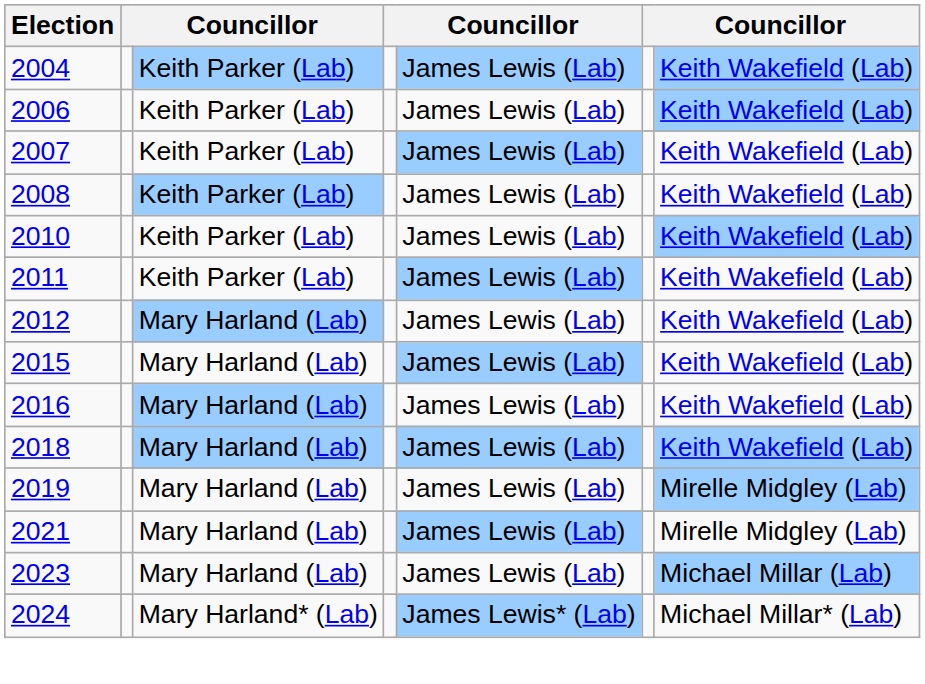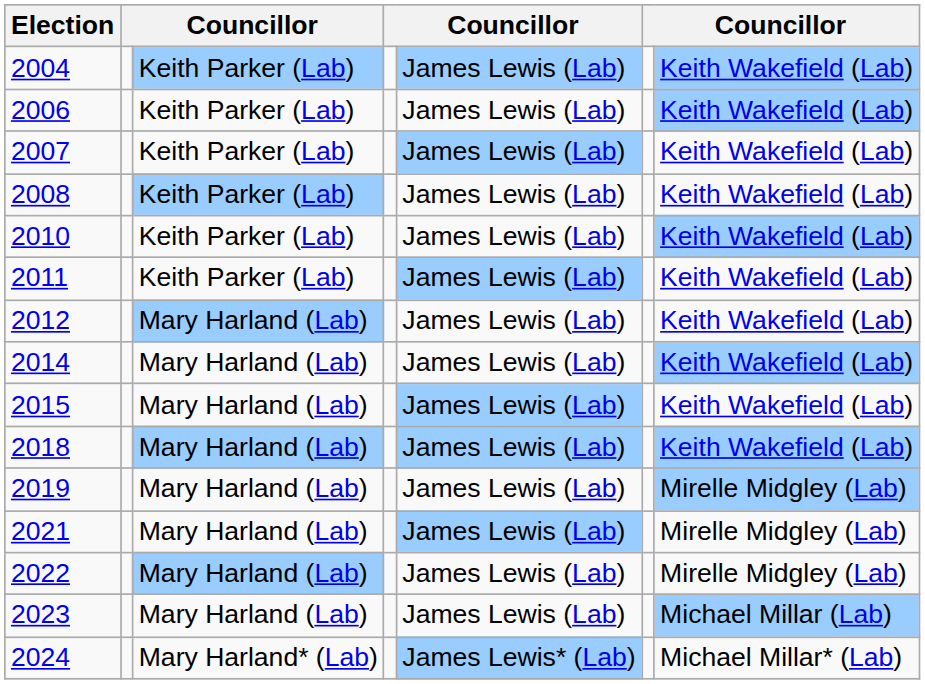 <table class="wikitable">
 <tr>
 <th>Election</th>
 <th colspan="2">Councillor</th>
 <th colspan="2">Councillor</th>
 <th colspan="2">Councillor</th>
 </tr>
 <tr>
 <td><a href='#'>2004</a></td>
 <td style="background-color: "></td>
 <td bgcolor="#99CCFF">Keith Parker (<a href='#'>Lab</a>)</td>
 <td style="background-color: "></td>
 <td bgcolor="#99CCFF">James Lewis (<a href='#'>Lab</a>)</td>
 <td style="background-color: "></td>
 <td bgcolor="#99CCFF"><a href='#'>Keith Wakefield</a> (<a href='#'>Lab</a>)</td>
 </tr>
 <tr>
 <td><a href='#'>2006</a></td>
 <td style="background-color: "></td>
 <td>Keith Parker (<a href='#'>Lab</a>)</td>
 <td style="background-color: "></td>
 <td>James Lewis (<a href='#'>Lab</a>)</td>
 <td style="background-color: "></td>
 <td bgcolor="#99CCFF"><a href='#'>Keith Wakefield</a> (<a href='#'>Lab</a>)</td>
 </tr>
 <tr>
 <td><a href='#'>2007</a></td>
 <td style="background-color: "></td>
 <td>Keith Parker (<a href='#'>Lab</a>)</td>
 <td style="background-color: "></td>
 <td bgcolor="#99CCFF">James Lewis (<a href='#'>Lab</a>)</td>
 <td style="background-color: "></td>
 <td><a href='#'>Keith Wakefield</a> (<a href='#'>Lab</a>)</td>
 </tr>
 <tr>
 <td><a href='#'>2008</a></td>
 <td style="background-color: "></td>
 <td bgcolor="#99CCFF">Keith Parker (<a href='#'>Lab</a>)</td>
 <td style="background-color: "></td>
 <td>James Lewis (<a href='#'>Lab</a>)</td>
 <td style="background-color: "></td>
 <td><a href='#'>Keith Wakefield</a> (<a href='#'>Lab</a>)</td>
 </tr>
 <tr>
 <td><a href='#'>2010</a></td>
 <td style="background-color: "></td>
 <td>Keith Parker (<a href='#'>Lab</a>)</td>
 <td style="background-color: "></td>
 <td>James Lewis (<a href='#'>Lab</a>)</td>
 <td style="background-color: "></td>
 <td bgcolor="#99CCFF"><a href='#'>Keith Wakefield</a> (<a href='#'>Lab</a>)</td>
 </tr>
 <tr>
 <td><a href='#'>2011</a></td>
 <td style="background-color: "></td>
 <td>Keith Parker (<a href='#'>Lab</a>)</td>
 <td style="background-color: "></td>
 <td bgcolor="#99CCFF">James Lewis (<a href='#'>Lab</a>)</td>
 <td style="background-color: "></td>
 <td><a href='#'>Keith Wakefield</a> (<a href='#'>Lab</a>)</td>
 </tr>
 <tr>
 <td><a href='#'>2012</a></td>
 <td style="background-color: "></td>
 <td bgcolor="#99CCFF">Mary Harland (<a href='#'>Lab</a>)</td>
 <td style="background-color: "></td>
 <td>James Lewis (<a href='#'>Lab</a>)</td>
 <td style="background-color: "></td>
 <td><a href='#'>Keith Wakefield</a> (<a href='#'>Lab</a>)</td>
 </tr>
 <tr>
+<td><a href='#'>2014</a></td>
+<td style="background-color: "></td>
+<td>Mary Harland (<a href='#'>Lab</a>)</td>
+<td style="background-color: "></td>
+<td>James Lewis (<a href='#'>Lab</a>)</td>
+<td style="background-color: "></td>
+<td bgcolor="#99CCFF"><a href='#'>Keith Wakefield</a> (<a href='#'>Lab</a>)</td>
+</tr>
+<tr>
 <td><a href='#'>2015</a></td>
 <td style="background-color: "></td>
 <td>Mary Harland (<a href='#'>Lab</a>)</td>
 <td style="background-color: "></td>
 <td bgcolor="#99CCFF">James Lewis (<a href='#'>Lab</a>)</td>
 <td style="background-color: "></td>
 <td><a href='#'>Keith Wakefield</a> (<a href='#'>Lab</a>)</td>
-</tr>
-<tr>
-<td><a href='#'>2016</a></td>
-<td style="background-color: "></td>
-<td bgcolor="#99CCFF">Mary Harland (<a href='#'>Lab</a>)</td>
-<td style="background-color: "></td>
-<td>James Lewis (<a href='#'>Lab</a>)</td>
-<td style="background-color: "></td>
-<td><a href='#'>Keith Wakefield</a>  (<a href='#'>Lab</a>)</td>
 </tr>
 <tr>
 <td><a href='#'>2018</a></td>
 <td style="background-color: "></td>
 <td bgcolor="#99CCFF">Mary Harland (<a href='#'>Lab</a>)</td>
 <td style="background-color: "></td>
 <td bgcolor="#99CCFF">James Lewis (<a href='#'>Lab</a>)</td>
 <td style="background-color: "></td>
 <td bgcolor="#99CCFF"><a href='#'>Keith Wakefield</a>  (<a href='#'>Lab</a>)</td>
 </tr>
 <tr>
 <td><a href='#'>2019</a></td>
 <td style="background-color: "></td>
 <td>Mary Harland (<a href='#'>Lab</a>)</td>
 <td style="background-color: "></td>
 <td>James Lewis (<a href='#'>Lab</a>)</td>
 <td style="background-color: "></td>
 <td bgcolor="#99CCFF">Mirelle Midgley (<a href='#'>Lab</a>)<br></td>
 </tr>
 <tr>
 <td><a href='#'>2021</a></td>
 <td style="background-color: "></td>
 <td>Mary Harland (<a href='#'>Lab</a>)</td>
 <td style="background-color: "></td>
 <td bgcolor="#99CCFF">James Lewis (<a href='#'>Lab</a>)</td>
 <td style="background-color: "></td>
 <td>Mirelle Midgley (<a href='#'>Lab</a>)</td>
 </tr>
 <tr>
+<td><a href='#'>2022</a></td>
+<td style="background-color: "></td>
+<td bgcolor="#99CCFF">Mary Harland (<a href='#'>Lab</a>)</td>
+<td style="background-color: "></td>
+<td>James Lewis (<a href='#'>Lab</a>)</td>
+<td style="background-color: "></td>
+<td>Mirelle Midgley (<a href='#'>Lab</a>)</td>
+</tr>
+<tr>
 <td><a href='#'>2023</a></td>
 <td style="background-color: "></td>
 <td>Mary Harland (<a href='#'>Lab</a>)</td>
 <td style="background-color: "></td>
 <td>James Lewis (<a href='#'>Lab</a>)</td>
 <td style="background-color: "></td>
 <td bgcolor="#99CCFF">Michael Millar (<a href='#'>Lab</a>)</td>
 </tr>
 <tr>
 <td><a href='#'>2024</a></td>
 <td style="background-color: "></td>
 <td>Mary Harland* (<a href='#'>Lab</a>)</td>
 <td style="background-color: "></td>
 <td bgcolor="#99CCFF">James Lewis* (<a href='#'>Lab</a>)</td>
 <td style="background-color: "></td>
 <td>Michael Millar* (<a href='#'>Lab</a>)</td>
 </tr>
 </table>
